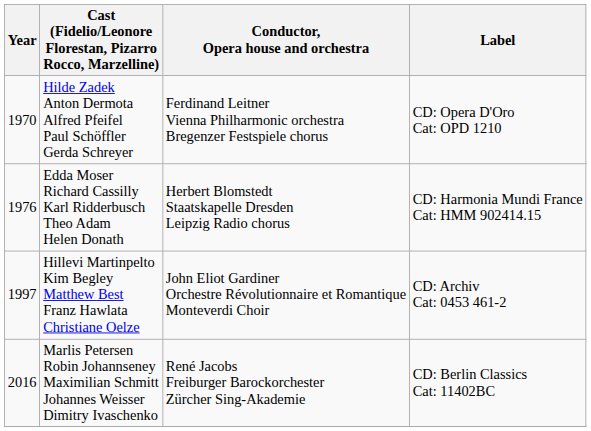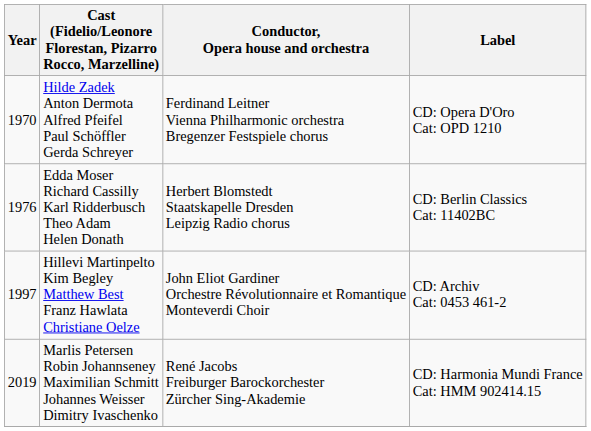 <table class="wikitable"">
 <tr>
 <th>Year</th>
 <th>Cast<br>(Fidelio/Leonore<br>Florestan, Pizarro<br>Rocco, Marzelline)</th>
 <th>Conductor,<br>Opera house and orchestra</th>
 <th>Label</th>
 </tr>
 <tr>
 <td>1970</td>
 <td><a href='#'>Hilde Zadek</a><br>Anton Dermota<br>Alfred Pfeifel<br>Paul Schöffler<br>Gerda Schreyer</td>
 <td>Ferdinand Leitner<br>Vienna Philharmonic orchestra<br>Bregenzer Festspiele chorus</td>
 <td>CD: Opera D'Oro<br>Cat: OPD 1210</td>
 </tr>
 <tr>
 <td>1976</td>
 <td>Edda Moser<br>Richard Cassilly<br>Karl Ridderbusch<br>Theo Adam<br>Helen Donath</td>
 <td>Herbert Blomstedt<br>Staatskapelle Dresden<br>Leipzig Radio chorus</td>
-<td>CD: Harmonia Mundi France<br>Cat: HMM 902414.15</td>
+<td>CD: Berlin Classics<br>Cat: 11402BC</td>
 </tr>
 <tr>
 <td>1997</td>
 <td>Hillevi Martinpelto<br>Kim Begley<br><a href='#'>Matthew Best</a><br>Franz Hawlata<br><a href='#'>Christiane Oelze</a></td>
 <td>John Eliot Gardiner<br>Orchestre Révolutionnaire et Romantique<br>Monteverdi Choir</td>
 <td>CD: Archiv<br>Cat: 0453 461-2</td>
 </tr>
 <tr>
-<td>2016</td>
+<td>2019</td>
 <td>Marlis Petersen<br>Robin Johannseney<br>Maximilian Schmitt<br>Johannes Weisser<br>Dimitry Ivaschenko</td>
 <td>René Jacobs<br>Freiburger Barockorchester<br>Zürcher Sing-Akademie</td>
-<td>CD: Berlin Classics<br>Cat: 11402BC</td>
+<td>CD: Harmonia Mundi France<br>Cat: HMM 902414.15</td>
 </tr>
 <tr>
 </tr>
 </table>
